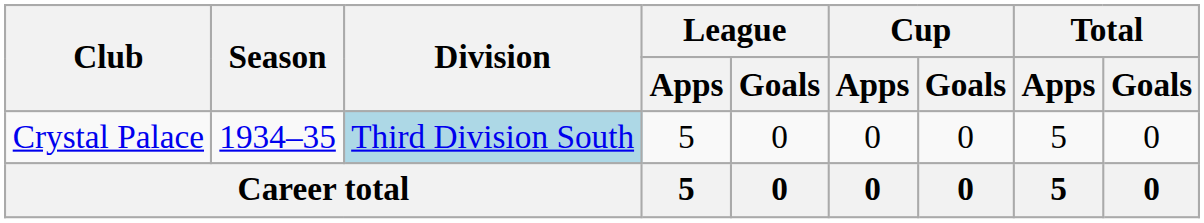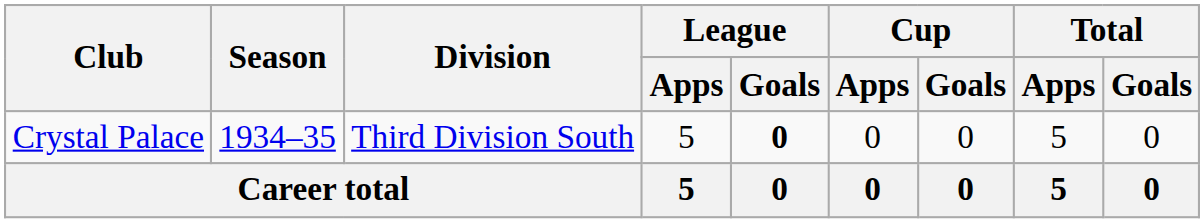 <table class="wikitable" style="text-align:center;">
 <tr>
 <th rowspan="2">Club</th>
 <th rowspan="2">Season</th>
 <th rowspan="2">Division</th>
 <th colspan="2">League</th>
 <th colspan="2">Cup</th>
 <th colspan="2">Total</th>
 </tr>
 <tr>
 <th>Apps</th>
 <th>Goals</th>
 <th>Apps</th>
 <th>Goals</th>
 <th>Apps</th>
 <th>Goals</th>
 </tr>
 <tr>
 <td><a href='#'>Crystal Palace</a></td>
 <td><a href='#'>1934–35</a></td>
-<td style="background: lightblue;"><a href='#'>Third Division South</a></td>
+<td><a href='#'>Third Division South</a></td>
 <td>5</td>
-<td>0</td>
+<td><strong>0</strong></td>
 <td>0</td>
 <td>0</td>
 <td>5</td>
 <td>0</td>
 </tr>
 <tr>
 <th colspan="3">Career total</th>
 <th>5</th>
 <th>0</th>
 <th>0</th>
 <th>0</th>
 <th>5</th>
 <th>0</th>
 </tr>
 </table>
